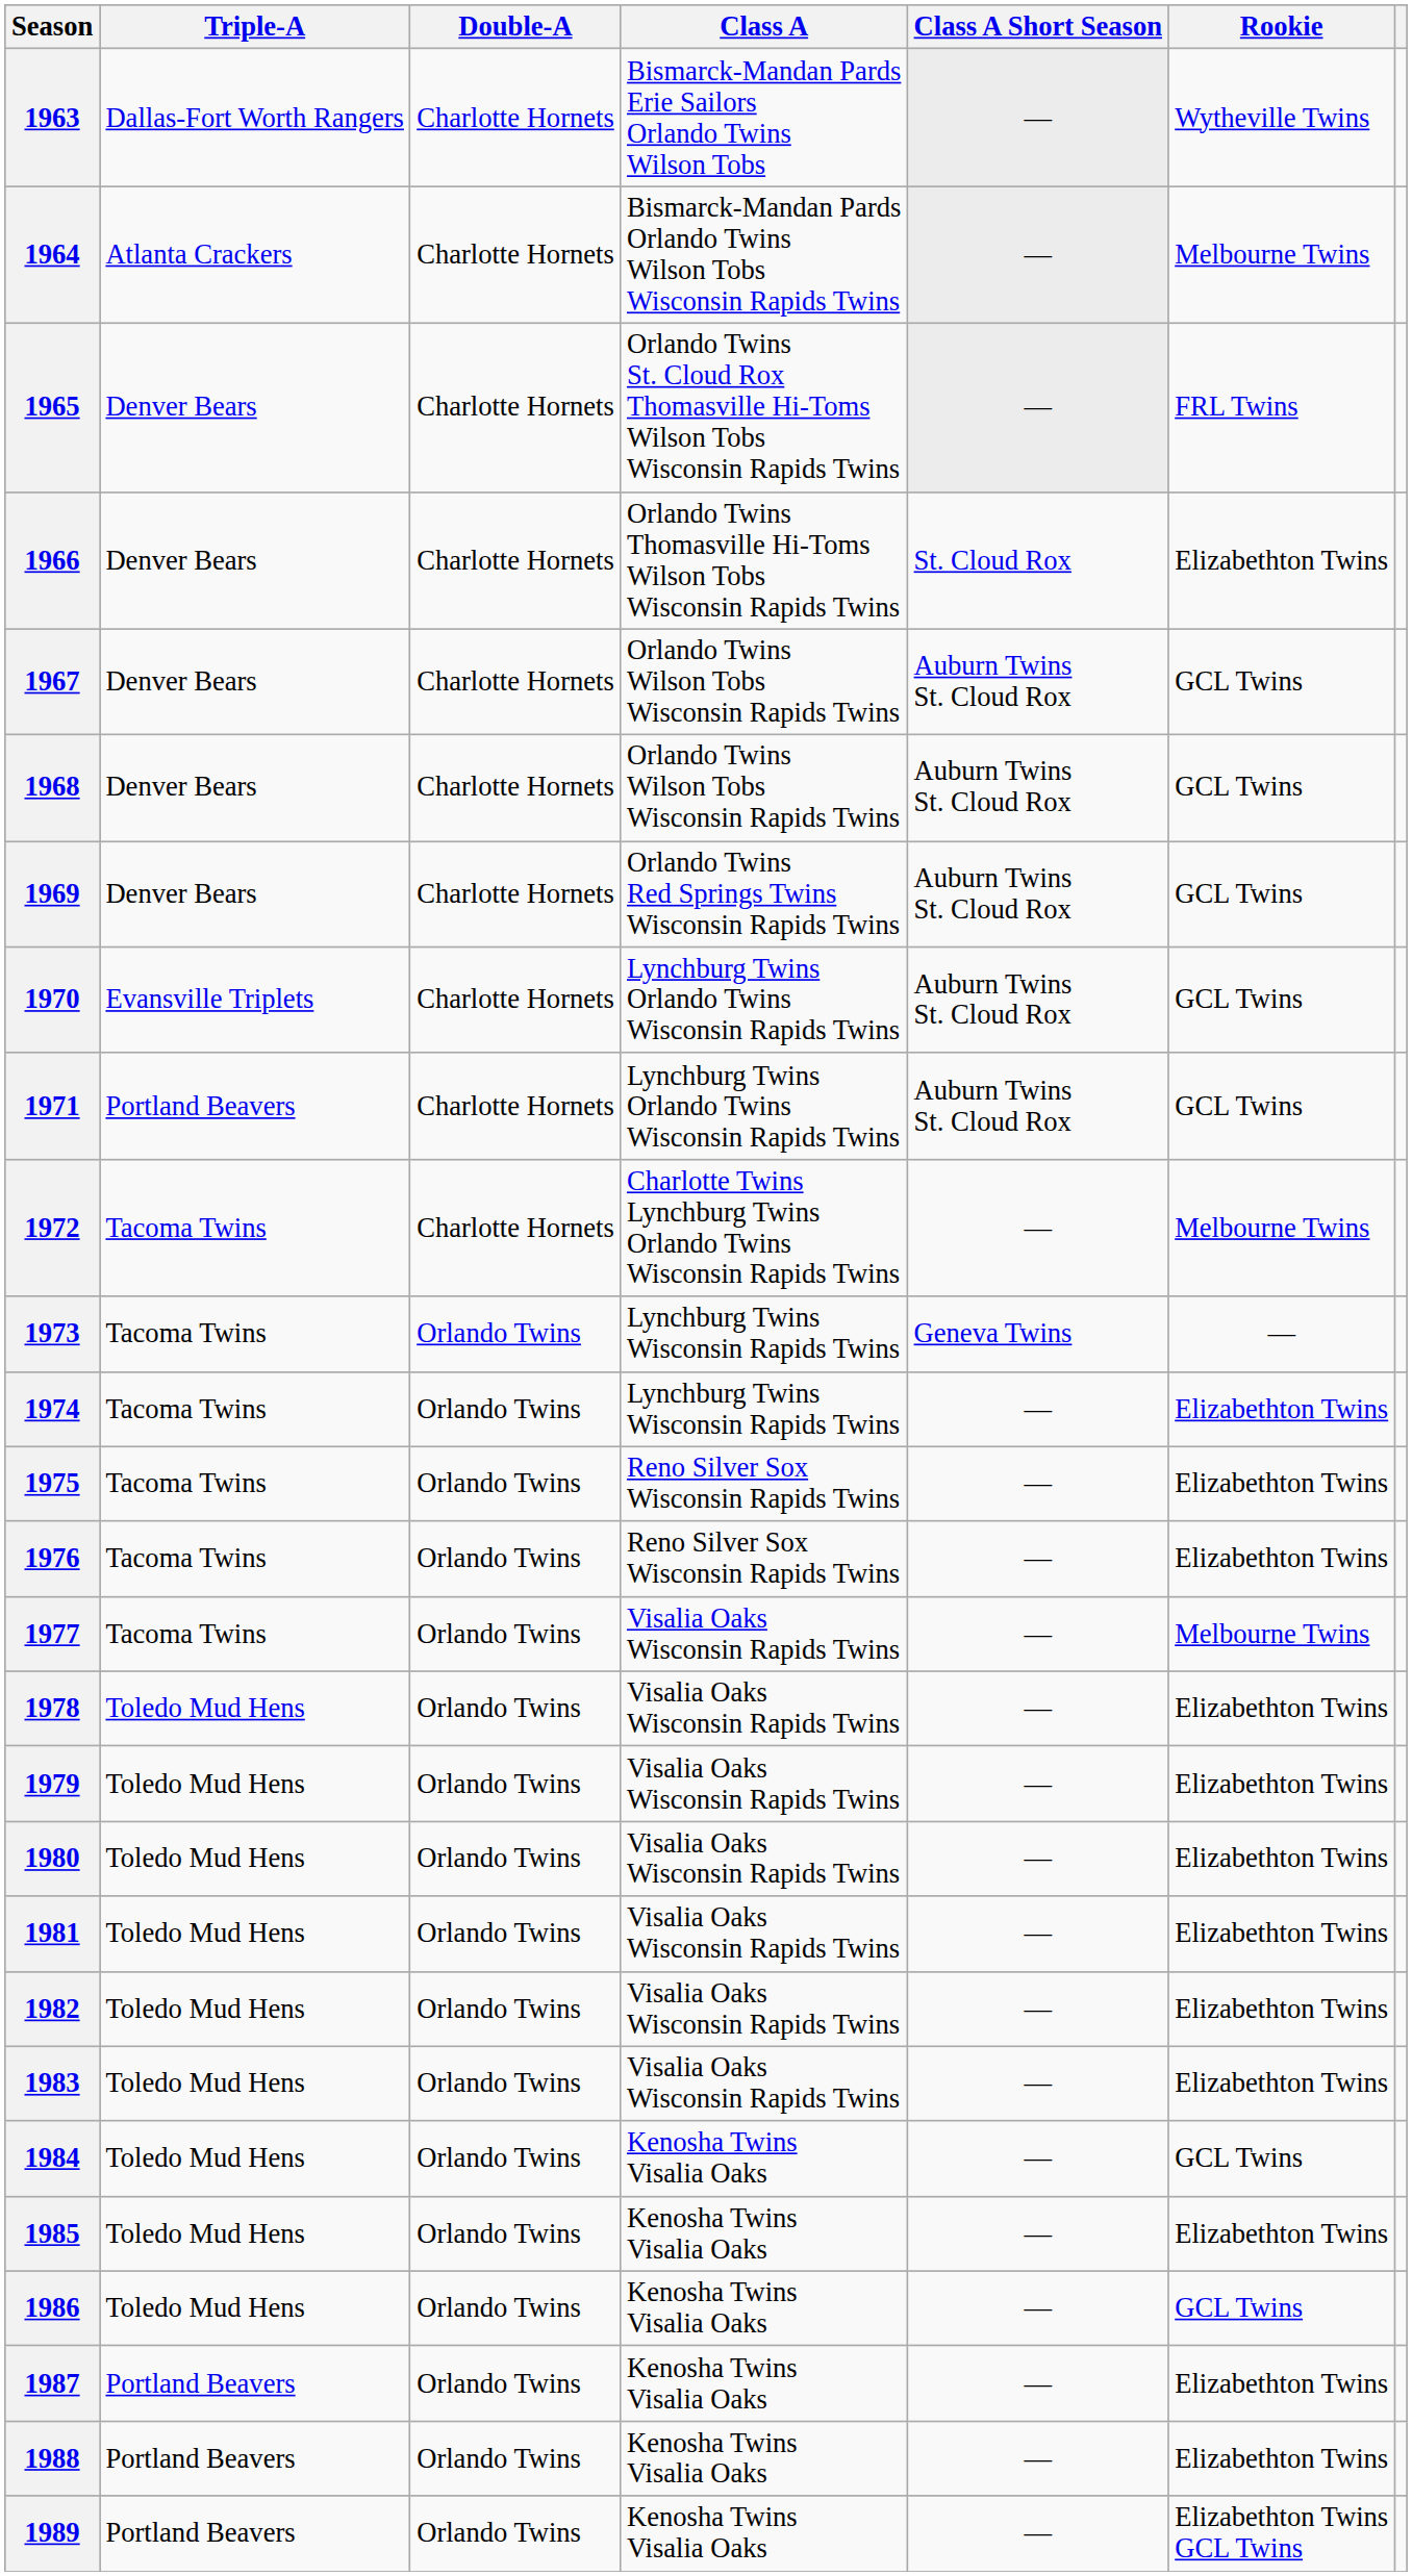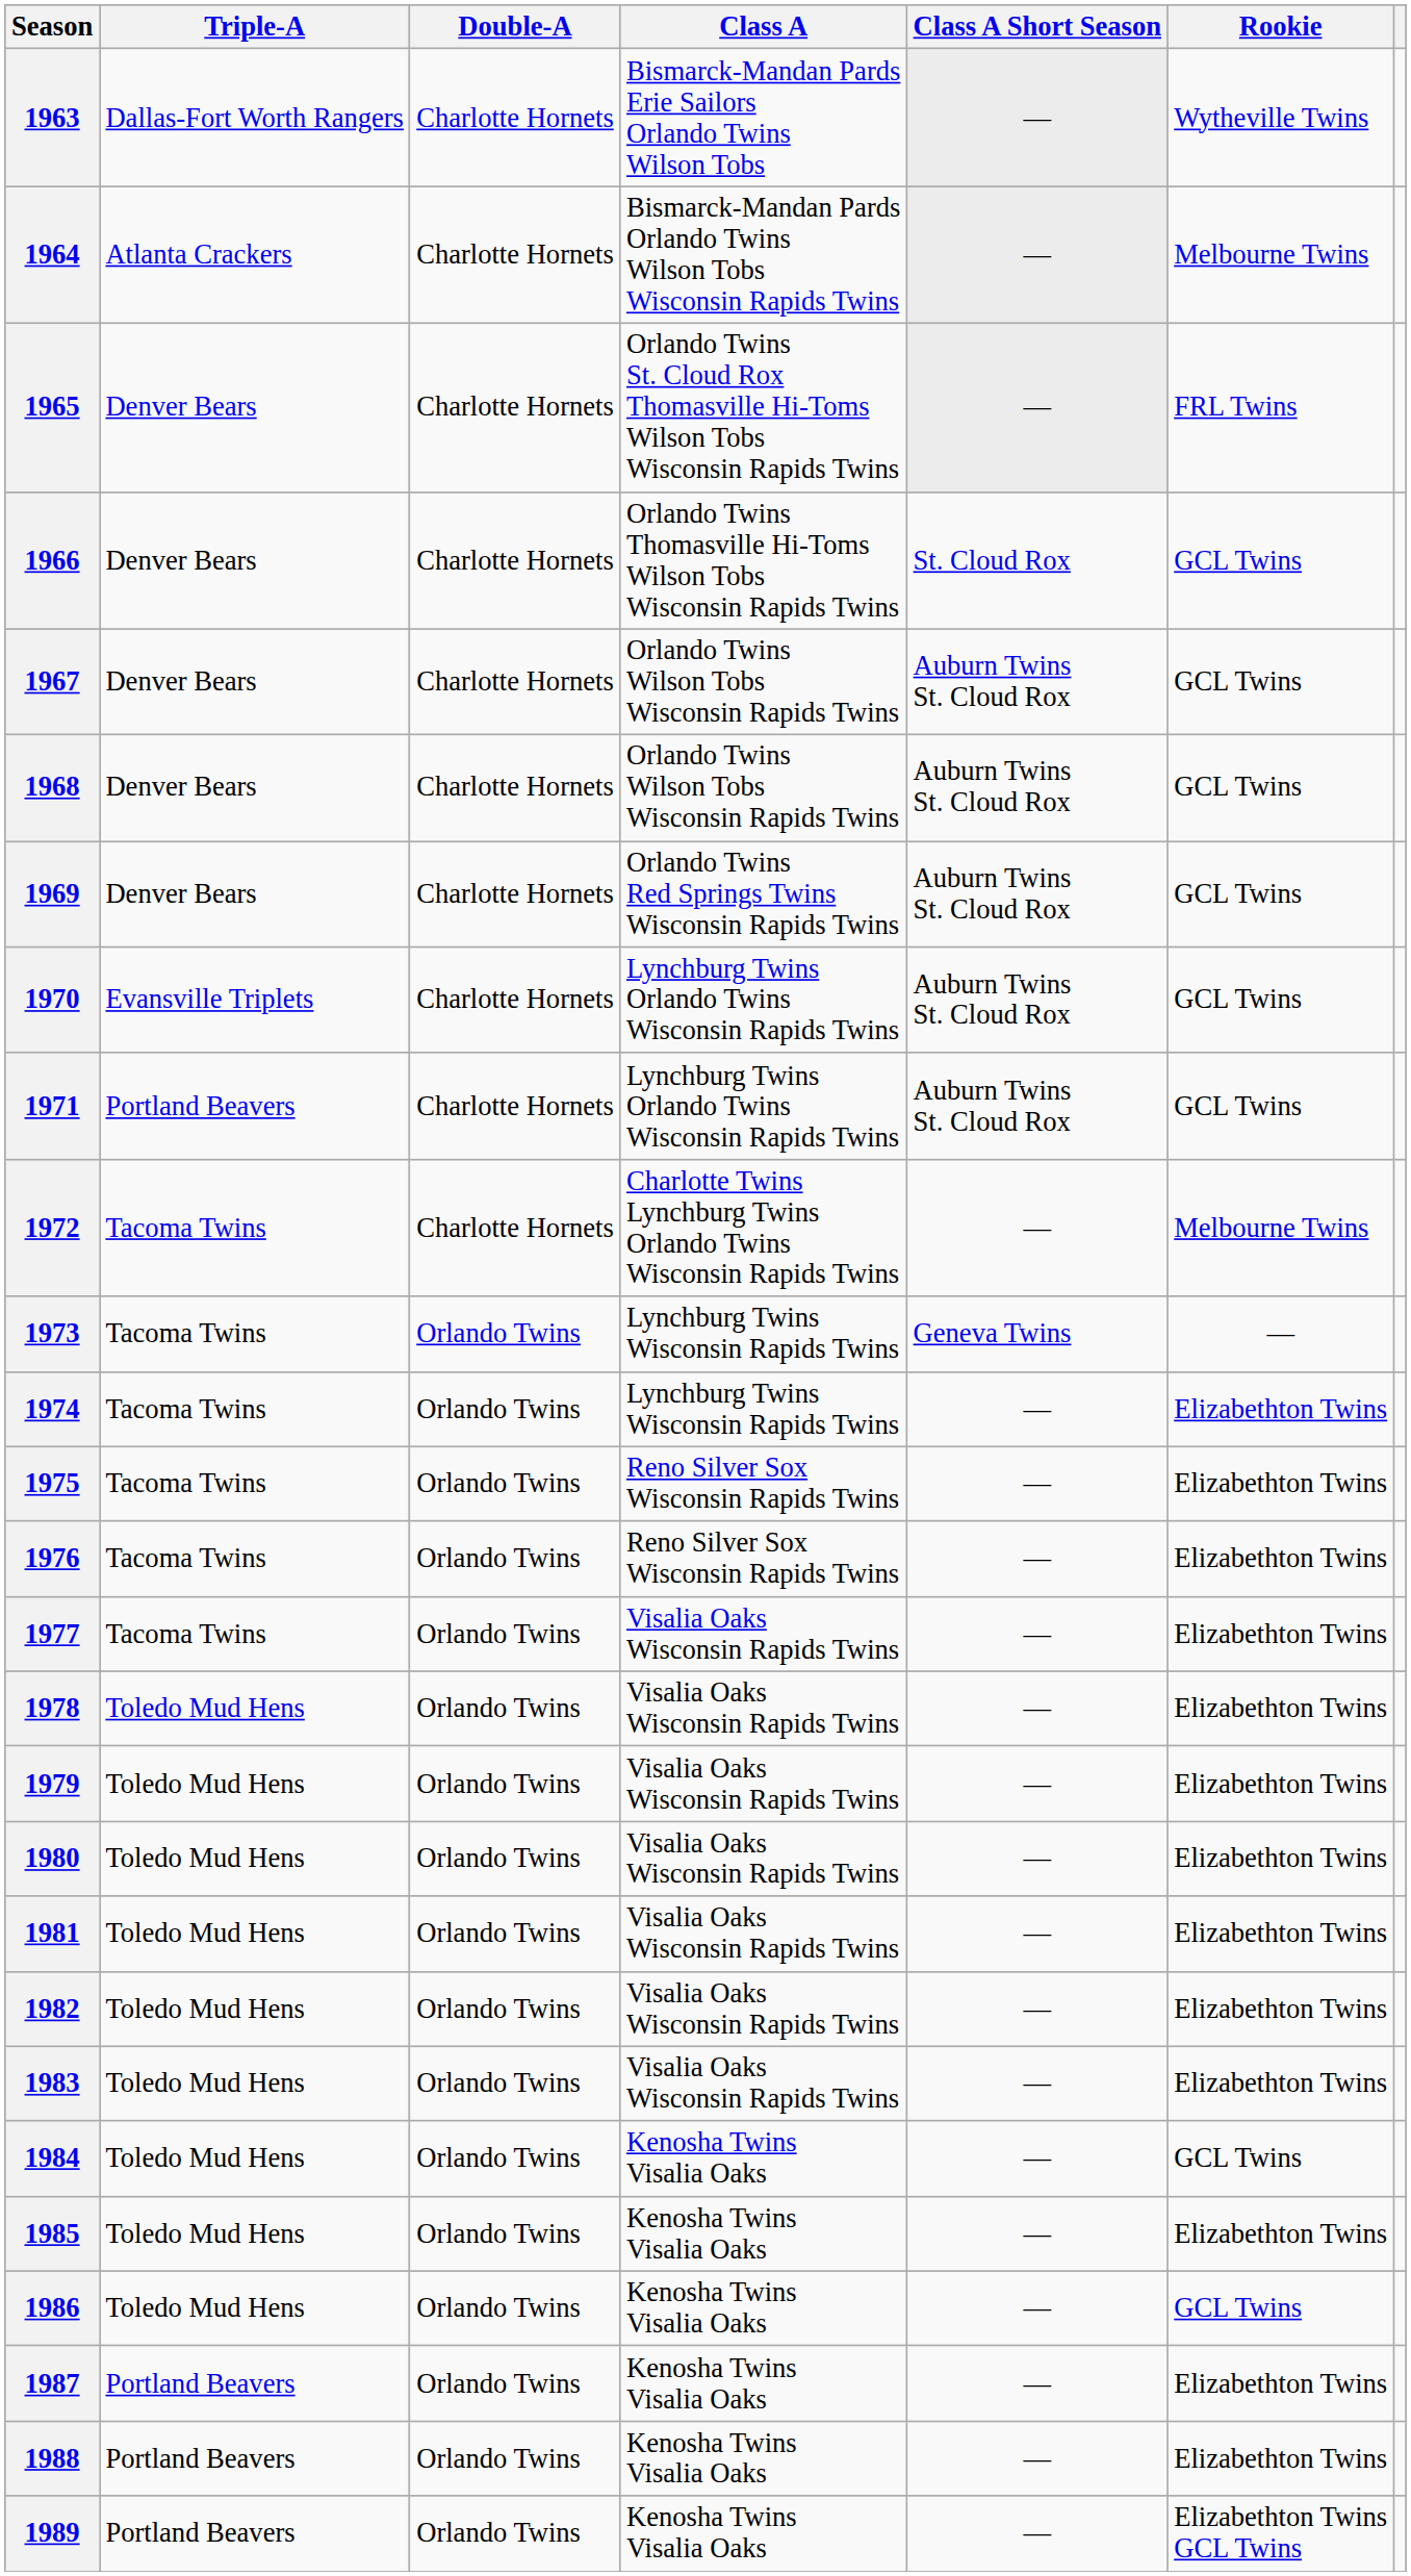 <table class="wikitable plainrowheaders">
 <tr>
 <th scope="col">Season</th>
 <th scope="col"><a href='#'><span>Triple-A</span></a></th>
 <th scope="col"><a href='#'><span>Double-A</span></a></th>
 <th scope="col"><a href='#'><span>Class A</span></a></th>
 <th scope="col"><a href='#'><span>Class A Short Season</span></a></th>
 <th scope="col"><a href='#'><span>Rookie</span></a></th>
 <th scope="col"></th>
 </tr>
 <tr>
 <th scope="row" style="text-align:center"><a href='#'>1963</a></th>
 <td><a href='#'>Dallas-Fort Worth Rangers</a></td>
 <td><a href='#'>Charlotte Hornets</a></td>
 <td><a href='#'>Bismarck-Mandan Pards</a><br><a href='#'>Erie Sailors</a><br><a href='#'>Orlando Twins</a><br><a href='#'>Wilson Tobs</a></td>
 <td style="background:#ececec" align="center">—</td>
 <td><a href='#'>Wytheville Twins</a></td>
 <td align="center"></td>
 </tr>
 <tr>
 <th scope="row" style="text-align:center"><a href='#'>1964</a></th>
 <td><a href='#'>Atlanta Crackers</a></td>
 <td>Charlotte Hornets</td>
 <td>Bismarck-Mandan Pards<br>Orlando Twins<br>Wilson Tobs<br><a href='#'>Wisconsin Rapids Twins</a></td>
 <td style="background:#ececec" align="center">—</td>
 <td><a href='#'>Melbourne Twins</a></td>
 <td align="center"></td>
 </tr>
 <tr>
 <th scope="row" style="text-align:center"><a href='#'>1965</a></th>
 <td><a href='#'>Denver Bears</a></td>
 <td>Charlotte Hornets</td>
 <td>Orlando Twins<br><a href='#'>St. Cloud Rox</a><br><a href='#'>Thomasville Hi-Toms</a><br>Wilson Tobs<br>Wisconsin Rapids Twins</td>
 <td style="background:#ececec" align="center">—</td>
 <td><a href='#'>FRL Twins</a></td>
 <td align="center"></td>
 </tr>
 <tr>
 <th scope="row" style="text-align:center"><a href='#'>1966</a></th>
 <td>Denver Bears</td>
 <td>Charlotte Hornets</td>
 <td>Orlando Twins<br>Thomasville Hi-Toms<br>Wilson Tobs<br>Wisconsin Rapids Twins</td>
 <td><a href='#'>St. Cloud Rox</a></td>
-<td>Elizabethton Twins</td>
+<td><a href='#'>GCL Twins</a></td>
 <td align="center"></td>
 </tr>
 <tr>
 <th scope="row" style="text-align:center"><a href='#'>1967</a></th>
 <td>Denver Bears</td>
 <td>Charlotte Hornets</td>
 <td>Orlando Twins<br>Wilson Tobs<br>Wisconsin Rapids Twins</td>
 <td><a href='#'>Auburn Twins</a><br>St. Cloud Rox</td>
 <td>GCL Twins</td>
 <td align="center"></td>
 </tr>
 <tr>
 <th scope="row" style="text-align:center"><a href='#'>1968</a></th>
 <td>Denver Bears</td>
 <td>Charlotte Hornets</td>
 <td>Orlando Twins<br>Wilson Tobs<br>Wisconsin Rapids Twins</td>
 <td>Auburn Twins<br>St. Cloud Rox</td>
 <td>GCL Twins</td>
 <td align="center"></td>
 </tr>
 <tr>
 <th scope="row" style="text-align:center"><a href='#'>1969</a></th>
 <td>Denver Bears</td>
 <td>Charlotte Hornets</td>
 <td>Orlando Twins<br><a href='#'>Red Springs Twins</a><br>Wisconsin Rapids Twins</td>
 <td>Auburn Twins<br>St. Cloud Rox</td>
 <td>GCL Twins</td>
 <td align="center"></td>
 </tr>
 <tr>
 <th scope="row" style="text-align:center"><a href='#'>1970</a></th>
 <td><a href='#'>Evansville Triplets</a></td>
 <td>Charlotte Hornets</td>
 <td><a href='#'>Lynchburg Twins</a><br>Orlando Twins<br>Wisconsin Rapids Twins</td>
 <td>Auburn Twins<br>St. Cloud Rox</td>
 <td>GCL Twins</td>
 <td align="center"></td>
 </tr>
 <tr>
 <th scope="row" style="text-align:center"><a href='#'>1971</a></th>
 <td><a href='#'>Portland Beavers</a></td>
 <td>Charlotte Hornets</td>
 <td>Lynchburg Twins<br>Orlando Twins<br>Wisconsin Rapids Twins</td>
 <td>Auburn Twins<br>St. Cloud Rox</td>
 <td>GCL Twins</td>
 <td align="center"></td>
 </tr>
 <tr>
 <th scope="row" style="text-align:center"><a href='#'>1972</a></th>
 <td><a href='#'>Tacoma Twins</a></td>
 <td>Charlotte Hornets</td>
 <td><a href='#'>Charlotte Twins</a><br>Lynchburg Twins<br>Orlando Twins<br>Wisconsin Rapids Twins</td>
 <td align="center">—</td>
 <td><a href='#'>Melbourne Twins</a></td>
 <td align="center"></td>
 </tr>
 <tr>
 <th scope="row" style="text-align:center"><a href='#'>1973</a></th>
 <td>Tacoma Twins</td>
 <td><a href='#'>Orlando Twins</a></td>
 <td>Lynchburg Twins<br>Wisconsin Rapids Twins</td>
 <td><a href='#'>Geneva Twins</a></td>
 <td align="center">—</td>
 <td align="center"></td>
 </tr>
 <tr>
 <th scope="row" style="text-align:center"><a href='#'>1974</a></th>
 <td>Tacoma Twins</td>
 <td>Orlando Twins</td>
 <td>Lynchburg Twins<br>Wisconsin Rapids Twins</td>
 <td align="center">—</td>
 <td><a href='#'>Elizabethton Twins</a></td>
 <td align="center"></td>
 </tr>
 <tr>
 <th scope="row" style="text-align:center"><a href='#'>1975</a></th>
 <td>Tacoma Twins</td>
 <td>Orlando Twins</td>
 <td><a href='#'>Reno Silver Sox</a><br>Wisconsin Rapids Twins</td>
 <td align="center">—</td>
 <td>Elizabethton Twins</td>
 <td align="center"></td>
 </tr>
 <tr>
 <th scope="row" style="text-align:center"><a href='#'>1976</a></th>
 <td>Tacoma Twins</td>
 <td>Orlando Twins</td>
 <td>Reno Silver Sox<br>Wisconsin Rapids Twins</td>
 <td align="center">—</td>
 <td>Elizabethton Twins</td>
 <td align="center"></td>
 </tr>
 <tr>
 <th scope="row" style="text-align:center"><a href='#'>1977</a></th>
 <td>Tacoma Twins</td>
 <td>Orlando Twins</td>
 <td><a href='#'>Visalia Oaks</a><br>Wisconsin Rapids Twins</td>
 <td align="center">—</td>
-<td><a href='#'>Melbourne Twins</a></td>
+<td>Elizabethton Twins</td>
 <td align="center"></td>
 </tr>
 <tr>
 <th scope="row" style="text-align:center"><a href='#'>1978</a></th>
 <td><a href='#'>Toledo Mud Hens</a></td>
 <td>Orlando Twins</td>
 <td>Visalia Oaks<br>Wisconsin Rapids Twins</td>
 <td align="center">—</td>
 <td>Elizabethton Twins</td>
 <td align="center"></td>
 </tr>
 <tr>
 <th scope="row" style="text-align:center"><a href='#'>1979</a></th>
 <td>Toledo Mud Hens</td>
 <td>Orlando Twins</td>
 <td>Visalia Oaks<br>Wisconsin Rapids Twins</td>
 <td align="center">—</td>
 <td>Elizabethton Twins</td>
 <td align="center"></td>
 </tr>
 <tr>
 <th scope="row" style="text-align:center"><a href='#'>1980</a></th>
 <td>Toledo Mud Hens</td>
 <td>Orlando Twins</td>
 <td>Visalia Oaks<br>Wisconsin Rapids Twins</td>
 <td align="center">—</td>
 <td>Elizabethton Twins</td>
 <td align="center"></td>
 </tr>
 <tr>
 <th scope="row" style="text-align:center"><a href='#'>1981</a></th>
 <td>Toledo Mud Hens</td>
 <td>Orlando Twins</td>
 <td>Visalia Oaks<br>Wisconsin Rapids Twins</td>
 <td align="center">—</td>
 <td>Elizabethton Twins</td>
 <td align="center"></td>
 </tr>
 <tr>
 <th scope="row" style="text-align:center"><a href='#'>1982</a></th>
 <td>Toledo Mud Hens</td>
 <td>Orlando Twins</td>
 <td>Visalia Oaks<br>Wisconsin Rapids Twins</td>
 <td align="center">—</td>
 <td>Elizabethton Twins</td>
 <td align="center"></td>
 </tr>
 <tr>
 <th scope="row" style="text-align:center"><a href='#'>1983</a></th>
 <td>Toledo Mud Hens</td>
 <td>Orlando Twins</td>
 <td>Visalia Oaks<br>Wisconsin Rapids Twins</td>
 <td align="center">—</td>
 <td>Elizabethton Twins</td>
 <td align="center"></td>
 </tr>
 <tr>
 <th scope="row" style="text-align:center"><a href='#'>1984</a></th>
 <td>Toledo Mud Hens</td>
 <td>Orlando Twins</td>
 <td><a href='#'>Kenosha Twins</a><br>Visalia Oaks</td>
 <td align="center">—</td>
 <td>GCL Twins</td>
 <td align="center"></td>
 </tr>
 <tr>
 <th scope="row" style="text-align:center"><a href='#'>1985</a></th>
 <td>Toledo Mud Hens</td>
 <td>Orlando Twins</td>
 <td>Kenosha Twins<br>Visalia Oaks</td>
 <td align="center">—</td>
 <td>Elizabethton Twins</td>
 <td align="center"></td>
 </tr>
 <tr>
 <th scope="row" style="text-align:center"><a href='#'>1986</a></th>
 <td>Toledo Mud Hens</td>
 <td>Orlando Twins</td>
 <td>Kenosha Twins<br>Visalia Oaks</td>
 <td align="center">—</td>
 <td><a href='#'>GCL Twins</a></td>
 <td align="center"></td>
 </tr>
 <tr>
 <th scope="row" style="text-align:center"><a href='#'>1987</a></th>
 <td><a href='#'>Portland Beavers</a></td>
 <td>Orlando Twins</td>
 <td>Kenosha Twins<br>Visalia Oaks</td>
 <td align="center">—</td>
 <td>Elizabethton Twins</td>
 <td align="center"></td>
 </tr>
 <tr>
 <th scope="row" style="text-align:center"><a href='#'>1988</a></th>
 <td>Portland Beavers</td>
 <td>Orlando Twins</td>
 <td>Kenosha Twins<br>Visalia Oaks</td>
 <td align="center">—</td>
 <td>Elizabethton Twins</td>
 <td align="center"></td>
 </tr>
 <tr>
 <th scope="row" style="text-align:center"><a href='#'>1989</a></th>
 <td>Portland Beavers</td>
 <td>Orlando Twins</td>
 <td>Kenosha Twins<br>Visalia Oaks</td>
 <td align="center">—</td>
 <td>Elizabethton Twins<br><a href='#'>GCL Twins</a></td>
 <td align="center"></td>
 </tr>
 </table>
